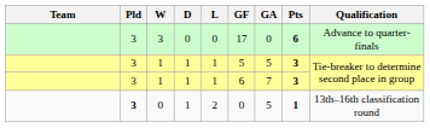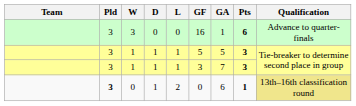 <table class="wikitable" style="text-align:center; font-size:90%">
 <tr>
 <th style="width:10em">Team</th>
 <th style="width:2em">Pld</th>
 <th style="width:2em">W</th>
 <th style="width:2em">D</th>
 <th style="width:2em">L</th>
 <th style="width:2em">GF</th>
 <th style="width:2em">GA</th>
 <th style="width:2em">Pts</th>
 <th style="width:10em">Qualification</th>
 </tr>
 <tr style="background:#ccffcc;">
 <td align=left></td>
 <td>3</td>
 <td>3</td>
 <td>0</td>
 <td>0</td>
-<td>17</td>
-<td>0</td>
+<td>16</td>
+<td>1</td>
 <td><strong>6</strong></td>
 <td>Advance to quarter-finals</td>
 </tr>
 <tr style="background:#ffff99;">
 <td align=left></td>
 <td>3</td>
 <td>1</td>
 <td>1</td>
 <td>1</td>
 <td>5</td>
 <td>5</td>
 <td><strong>3</strong></td>
 <td rowspan=2>Tie-breaker to determine second place in group</td>
 </tr>
 <tr style="background:#ffff99;">
 <td align=left></td>
 <td>3</td>
 <td>1</td>
 <td>1</td>
 <td>1</td>
-<td>6</td>
+<td>3</td>
 <td>7</td>
 <td><strong>3</strong></td>
 </tr>
 <tr>
 <td align=left></td>
 <td><strong>3</strong></td>
 <td>0</td>
 <td>1</td>
 <td>2</td>
 <td>0</td>
-<td>5</td>
+<td>6</td>
 <td><strong>1</strong></td>
-<td>13th–16th classification round</td>
+<td style="background: khaki;">13th–16th classification round</td>
 </tr>
 </table>
